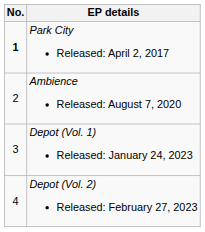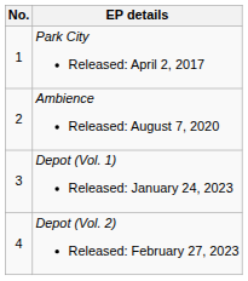 <table class="wikitable">
 <tr>
 <th rowspan="1">No.</th>
 <th rowspan="1">EP details</th>
 </tr>
 <tr>
-<td align="center"><strong>1</strong></td>
+<td align="center">1</td>
 <td><em>Park City</em><br><ul><li>Released: April 2, 2017</li></ul></td>
 </tr>
 <tr>
 <td align="center">2</td>
 <td><em>Ambience</em><br><ul><li>Released: August 7, 2020</li></ul></td>
 </tr>
 <tr>
 <td align="center">3</td>
 <td><em>Depot (Vol. 1)</em><br><ul><li>Released: January 24, 2023</li></ul></td>
 </tr>
 <tr>
 <td align="center">4</td>
 <td><em>Depot (Vol. 2)</em><br><ul><li>Released: February 27, 2023</li></ul></td>
 </tr>
 </table>
